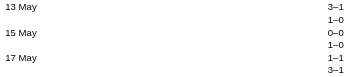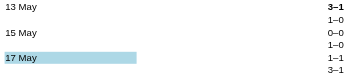 <table cellspacing=1 width=70%>
 <tr>
 <th width=25%></th>
 <th width=30%></th>
 <th width=15%></th>
 <th width=30%></th>
 </tr>
 <tr>
 <td>13 May</td>
 <td align=right></td>
-<td align=center>3–1</td>
+<td align=center><strong>3–1</strong></td>
 <td></td>
 </tr>
 <tr>
 <td></td>
 <td align=right></td>
 <td align=center>1–0</td>
 <td></td>
 </tr>
 <tr>
 <td>15 May</td>
 <td align=right></td>
 <td align=center>0–0</td>
 <td></td>
 </tr>
 <tr>
 <td></td>
 <td align=right></td>
 <td align=center>1–0</td>
 <td></td>
 </tr>
 <tr>
-<td>17 May</td>
+<td style="background: lightblue;">17 May</td>
 <td align=right></td>
 <td align=center>1–1</td>
 <td></td>
 </tr>
 <tr>
 <td></td>
 <td align=right></td>
 <td align=center>3–1</td>
 <td></td>
 </tr>
 </table>
